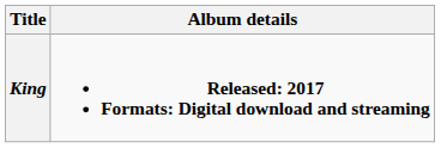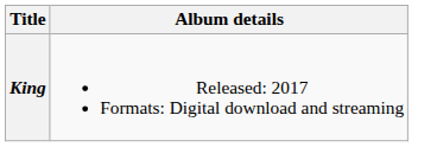 <table class="wikitable plainrowheaders" style="text-align:center;" border="1">
 <tr>
 <th>Title</th>
 <th>Album details</th>
 </tr>
 <tr>
 <th scope="row"><em>King</em></th>
-<td><strong><br><ul><li>Released: 2017</li><li>Formats: Digital download and streaming</li></ul></strong></td>
+<td><br><ul><li>Released: 2017</li><li>Formats: Digital download and streaming</li></ul></td>
 </tr>
 </table>
